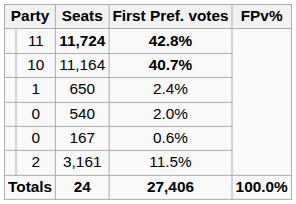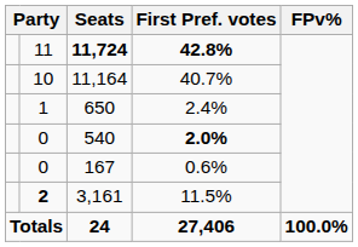 <table class="wikitable">
 <tr>
 <th colspan="2" align="center">Party</th>
 <th valign="top">Seats</th>
 <th valign="top">First Pref. votes</th>
 <th valign="top">FPv%</th>
 </tr>
 <tr>
 <td></td>
 <td align="center">11</td>
 <td align="center"><strong>11,724</strong></td>
 <td align="center"><strong>42.8%</strong></td>
 </tr>
 <tr>
 <td></td>
 <td align="center">10</td>
 <td align="center">11,164</td>
-<td align="center"><strong>40.7%</strong></td>
+<td align="center">40.7%</td>
 </tr>
 <tr>
 <td></td>
 <td align="center">1</td>
 <td align="center">650</td>
 <td align="center">2.4%</td>
 </tr>
 <tr>
 <td></td>
 <td align="center">0</td>
 <td align="center">540</td>
-<td align="center">2.0%</td>
+<td align="center"><strong>2.0%</strong></td>
 </tr>
 <tr>
 <td></td>
 <td align="center">0</td>
 <td align="center">167</td>
 <td align="center">0.6%</td>
 </tr>
 <tr>
 <td></td>
-<td align="center">2</td>
+<td align="center"><strong>2</strong></td>
 <td align="center">3,161</td>
 <td align="center">11.5%</td>
 </tr>
 <tr>
 <td colspan="2" align="center"><strong>Totals</strong></td>
 <td align="center"><strong>24</strong></td>
 <td align="center"><strong>27,406</strong></td>
 <td align="center"><strong>100.0%</strong></td>
 </tr>
 </table>
